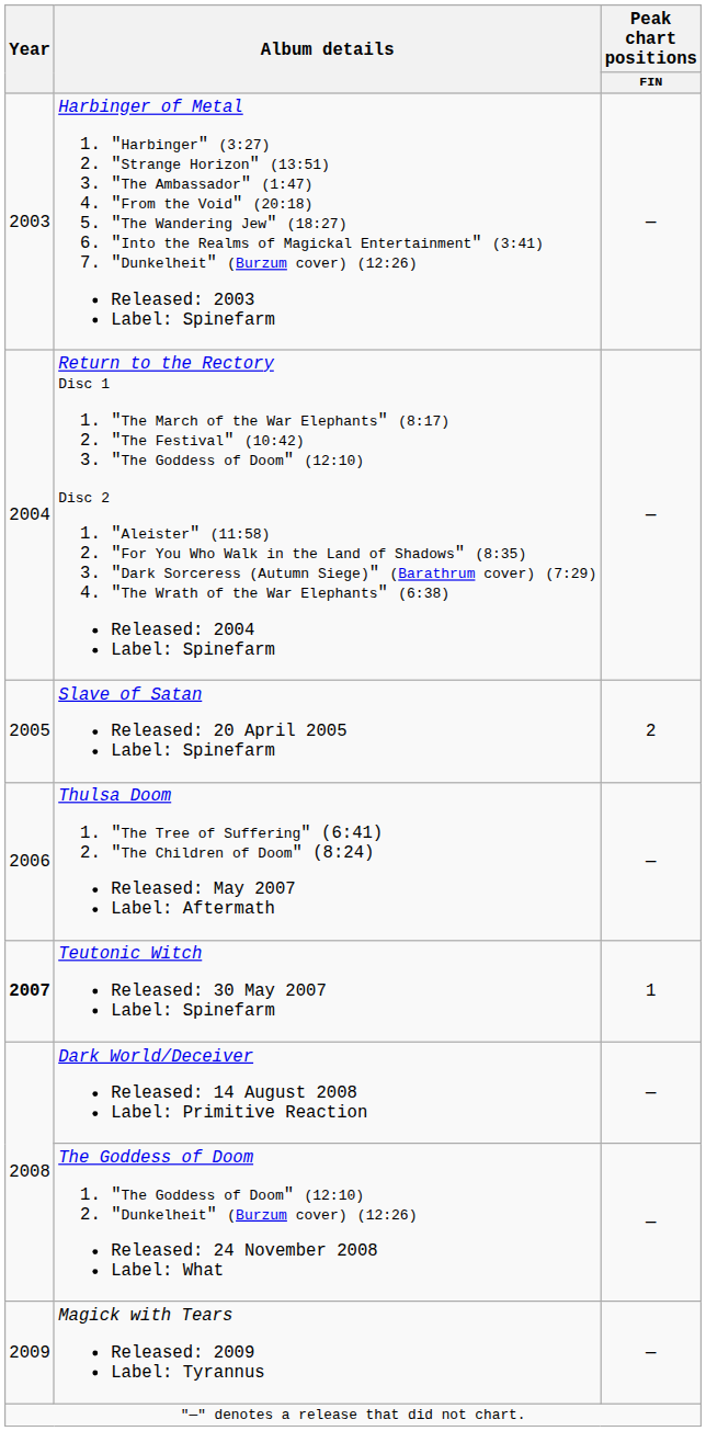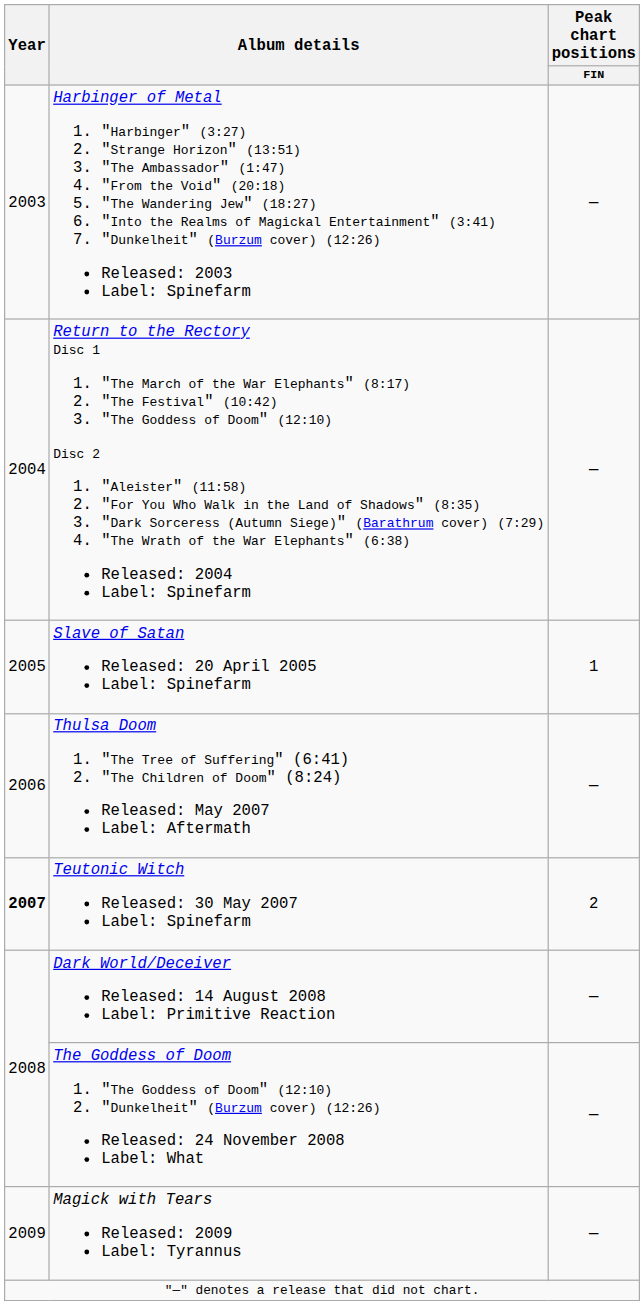 <table class="wikitable">
 <tr>
 <th rowspan="2">Year</th>
 <th rowspan="2">Album details</th>
 <th>Peak chart positions</th>
 </tr>
 <tr>
 <th style="width:3em;font-size:75%">FIN<br></th>
 </tr>
 <tr>
 <td>2003</td>
 <td><em><a href='#'>Harbinger of Metal</a></em><br><ol><li>"<small>Harbinger</small>" <small>(3:27)</small></li><li>"<small>Strange Horizon</small>" <small>(13:51)</small></li><li>"<small>The Ambassador</small>" <small>(1:47)</small></li><li>"<small>From the Void</small>" <small>(20:18)</small></li><li>"<small>The Wandering Jew</small>" <small>(18:27)</small></li><li>"<small>Into the Realms of Magickal Entertainment</small>" <small>(3:41)</small></li><li>"<small>Dunkelheit</small>" <small>(<a href='#'>Burzum</a> cover)</small> <small>(12:26)</small></li></ol><ul><li>Released: 2003</li><li>Label: Spinefarm</li></ul></td>
 <td align="center">—</td>
 </tr>
 <tr>
 <td>2004</td>
 <td><em><a href='#'>Return to the Rectory</a></em><br><small>Disc 1</small><ol><li>"<small>The March of the War Elephants</small>" <small>(8:17)</small></li><li>"<small>The Festival</small>" <small>(10:42)</small></li><li>"<small>The Goddess of Doom</small>" <small>(12:10)</small></li></ol><small>Disc 2</small><ol><li>"<small>Aleister</small>" <small>(11:58)</small></li><li>"<small>For You Who Walk in the Land of Shadows</small>" <small>(8:35)</small></li><li>"<small>Dark Sorceress (Autumn Siege)</small>" <small>(<a href='#'>Barathrum</a> cover)</small> <small>(7:29)</small></li><li>"<small>The Wrath of the War Elephants</small>" <small>(6:38)</small></li></ol><ul><li>Released: 2004</li><li>Label: Spinefarm</li></ul></td>
 <td align="center">—</td>
 </tr>
 <tr>
 <td>2005</td>
 <td><em><a href='#'>Slave of Satan</a></em><br><ul><li>Released: 20 April 2005</li><li>Label: Spinefarm</li></ul></td>
-<td align="center">2</td>
+<td align="center">1</td>
 </tr>
 <tr>
 <td>2006</td>
 <td><em><a href='#'>Thulsa Doom</a></em><br><ol><li>"<small>The Tree of Suffering</small>" (6:41)</li><li>"<small>The Children of Doom</small>" (8:24)</li></ol><ul><li>Released: May 2007</li><li>Label: Aftermath</li></ul></td>
 <td align="center">—</td>
 </tr>
 <tr>
 <td><strong>2007</strong></td>
 <td><em><a href='#'>Teutonic Witch</a></em><br><ul><li>Released: 30 May 2007</li><li>Label: Spinefarm</li></ul></td>
-<td align="center">1</td>
+<td align="center">2</td>
 </tr>
 <tr>
 <td rowspan="2">2008</td>
 <td><em><a href='#'>Dark World/Deceiver</a></em><br><ul><li>Released: 14 August 2008</li><li>Label: Primitive Reaction</li></ul></td>
 <td align="center">—</td>
 </tr>
 <tr>
 <td><em><a href='#'>The Goddess of Doom</a></em><br><ol><li>"<small>The Goddess of Doom</small>" <small>(12:10)</small></li><li>"<small>Dunkelheit</small>" <small>(<a href='#'>Burzum</a> cover)</small> <small>(12:26)</small></li></ol><ul><li>Released: 24 November 2008</li><li>Label: What</li></ul></td>
 <td align="center">—</td>
 </tr>
 <tr>
 <td>2009</td>
 <td><em>Magick with Tears</em><br><ul><li>Released: 2009</li><li>Label: Tyrannus</li></ul></td>
 <td align="center">—</td>
 </tr>
 <tr>
 <td align="center" colspan="3" style="font-size: 8pt">"—" denotes a release that did not chart.</td>
 </tr>
 </table>
